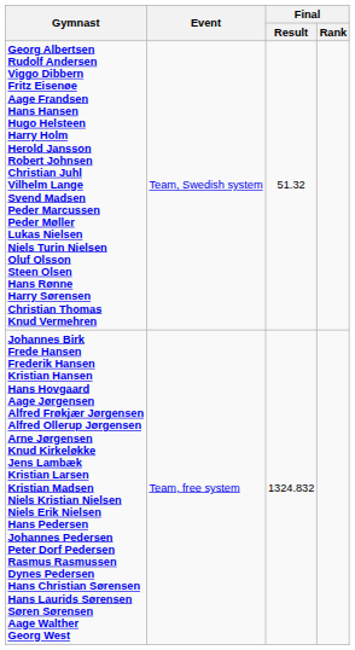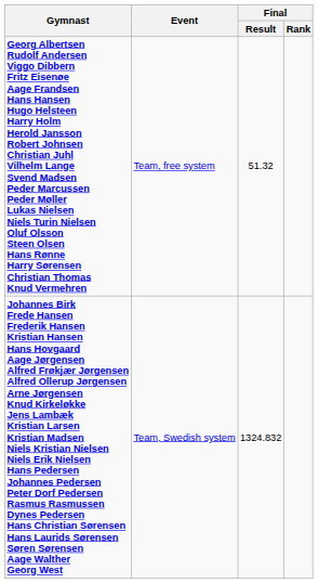 <table class=wikitable style="font-size:90%">
 <tr>
 <th rowspan=2>Gymnast</th>
 <th rowspan=2>Event</th>
 <th colspan=2>Final</th>
 </tr>
 <tr>
 <th>Result</th>
 <th>Rank</th>
 </tr>
 <tr>
 <td><strong><a href='#'>Georg Albertsen</a> <br> <a href='#'>Rudolf Andersen</a> <br> <a href='#'>Viggo Dibbern</a> <br> <a href='#'>Fritz Eisenøe</a> <br> <a href='#'>Aage Frandsen</a> <br> <a href='#'>Hans Hansen</a> <br> <a href='#'>Hugo Helsteen</a> <br> <a href='#'>Harry Holm</a> <br> <a href='#'>Herold Jansson</a> <br> <a href='#'>Robert Johnsen</a> <br> <a href='#'>Christian Juhl</a> <br> <a href='#'>Vilhelm Lange</a> <br> <a href='#'>Svend Madsen</a> <br> <a href='#'>Peder Marcussen</a> <br> <a href='#'>Peder Møller</a> <br> <a href='#'>Lukas Nielsen</a> <br> <a href='#'>Niels Turin Nielsen</a> <br> <a href='#'>Oluf Olsson</a> <br> <a href='#'>Steen Olsen</a> <br> <a href='#'>Hans Rønne</a> <br> <a href='#'>Harry Sørensen</a> <br> <a href='#'>Christian Thomas</a> <br> <a href='#'>Knud Vermehren</a></strong></td>
-<td><a href='#'>Team, Swedish system</a></td>
+<td><a href='#'>Team, free system</a></td>
 <td align=center>51.32</td>
 <td align=center></td>
 </tr>
 <tr>
 <td><strong><a href='#'>Johannes Birk</a> <br> <a href='#'>Frede Hansen</a> <br> <a href='#'>Frederik Hansen</a> <br> <a href='#'>Kristian Hansen</a> <br> <a href='#'>Hans Hovgaard</a> <br> <a href='#'>Aage Jørgensen</a> <br> <a href='#'>Alfred Frøkjær Jørgensen</a> <br> <a href='#'>Alfred Ollerup Jørgensen</a> <br> <a href='#'>Arne Jørgensen</a> <br> <a href='#'>Knud Kirkeløkke</a> <br> <a href='#'>Jens Lambæk</a> <br> <a href='#'>Kristian Larsen</a> <br> <a href='#'>Kristian Madsen</a> <br> <a href='#'>Niels Kristian Nielsen</a> <br> <a href='#'>Niels Erik Nielsen</a> <br> <a href='#'>Hans Pedersen</a> <br> <a href='#'>Johannes Pedersen</a> <br> <a href='#'>Peter Dorf Pedersen</a> <br> <a href='#'>Rasmus Rasmussen</a> <br> <a href='#'>Dynes Pedersen</a> <br> <a href='#'>Hans Christian Sørensen</a> <br> <a href='#'>Hans Laurids Sørensen</a> <br> <a href='#'>Søren Sørensen</a> <br> <a href='#'>Aage Walther</a> <br> <a href='#'>Georg West</a></strong></td>
-<td><a href='#'>Team, free system</a></td>
+<td><a href='#'>Team, Swedish system</a></td>
 <td align=center>1324.832</td>
 <td align=center></td>
 </tr>
 </table>
